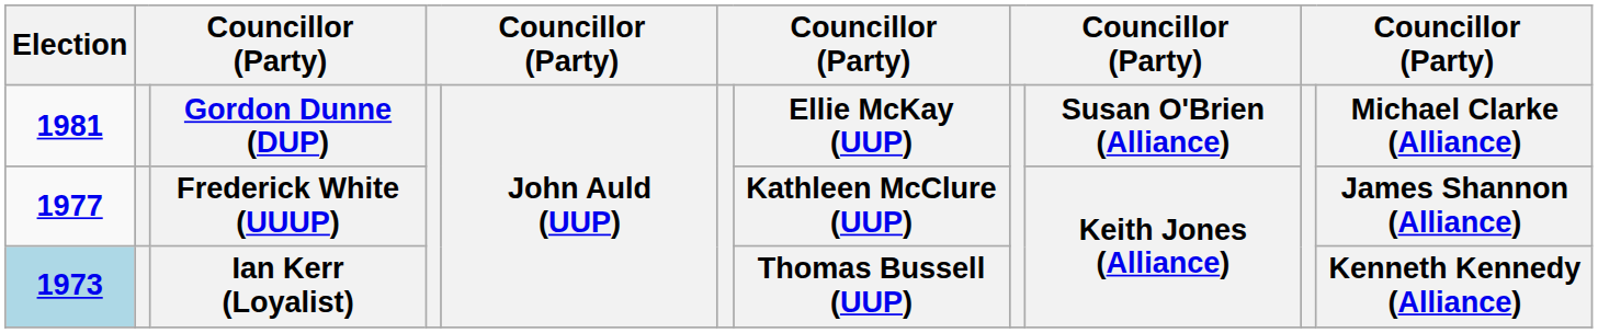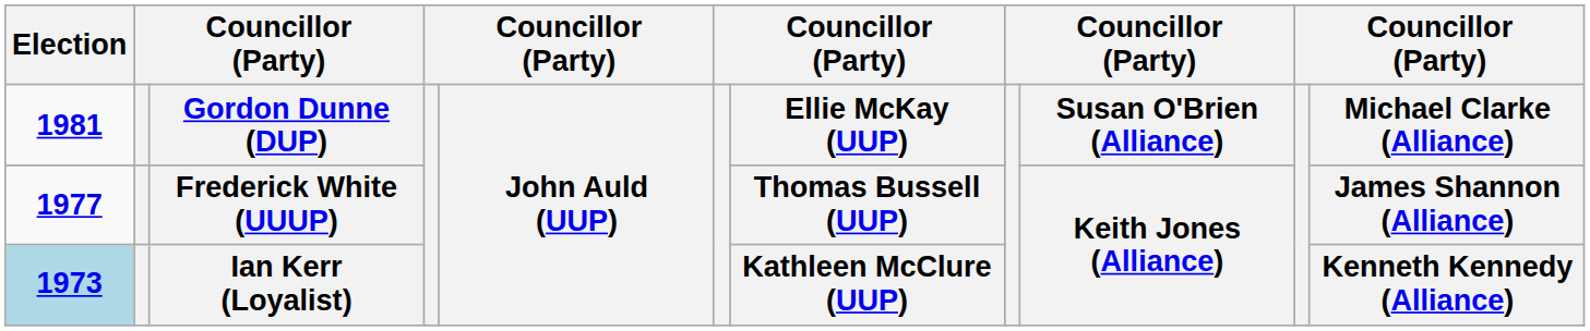 <table class="wikitable" style="text-align:center">
 <tr>
 <th scope="col" width="50">Election</th>
 <th scope="col" width="150" colspan = "2">Councillor<br> (Party)</th>
 <th scope="col" width="150" colspan = "2">Councillor<br> (Party)</th>
 <th scope="col" width="150" colspan = "2">Councillor<br> (Party)</th>
 <th scope="col" width="150" colspan = "2">Councillor<br> (Party)</th>
 <th scope="col" width="150" colspan = "2">Councillor<br> (Party)</th>
 </tr>
 <tr>
 <td><strong><a href='#'>1981</a></strong></td>
 <th rowspan="1" width="1" style="background-color: "></th>
 <th rowspan = "1"><a href='#'>Gordon Dunne</a> <br> (<a href='#'>DUP</a>)</th>
 <th rowspan="3" width="1" style="background-color: "></th>
 <th rowspan = "3">John Auld <br> (<a href='#'>UUP</a>)</th>
 <th rowspan="3" width="1" style="background-color: "></th>
 <th rowspan = "1">Ellie McKay <br> (<a href='#'>UUP</a>)</th>
 <th rowspan="3" width="1" style="background-color: "></th>
 <th rowspan = "1">Susan O'Brien <br> (<a href='#'>Alliance</a>)</th>
 <th rowspan="3" width="1" style="background-color: "></th>
 <th rowspan = "1">Michael Clarke <br> (<a href='#'>Alliance</a>)</th>
 </tr>
 <tr>
 <td><strong><a href='#'>1977</a></strong></td>
 <th rowspan="1" width="1" style="background-color: "></th>
 <th rowspan = "1">Frederick White <br> (<a href='#'>UUUP</a>)</th>
-<th rowspan = "1">Kathleen McClure <br> (<a href='#'>UUP</a>)</th>
+<th rowspan = "1">Thomas Bussell <br> (<a href='#'>UUP</a>)</th>
 <th rowspan = "2">Keith Jones <br> (<a href='#'>Alliance</a>)</th>
 <th rowspan = "1">James Shannon <br> (<a href='#'>Alliance</a>)</th>
 </tr>
 <tr>
 <td style="background: lightblue;"><strong><a href='#'>1973</a></strong></td>
 <th rowspan="1" width="1" style="background-color: "></th>
 <th rowspan = "1">Ian Kerr <br> (Loyalist)</th>
-<th rowspan = "1">Thomas Bussell <br> (<a href='#'>UUP</a>)</th>
+<th rowspan = "1">Kathleen McClure <br> (<a href='#'>UUP</a>)</th>
 <th rowspan = "1">Kenneth Kennedy <br> (<a href='#'>Alliance</a>)</th>
 </tr>
 </table>
